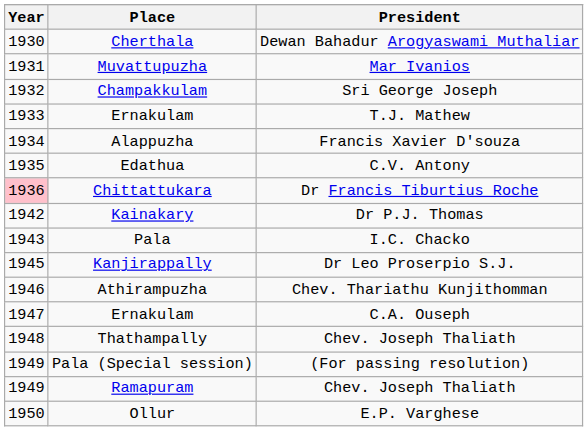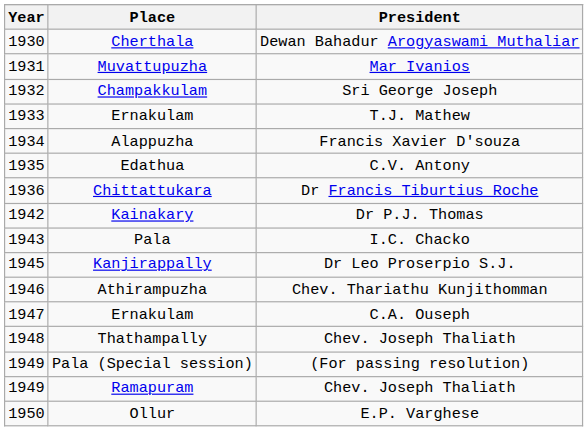 <table class="wikitable" style="text-align:center">
 <tr>
 </tr>
 <tr>
 <th scope=col>Year</th>
 <th scope=col>Place</th>
 <th scope=col>President</th>
 </tr>
 <tr>
 <td>1930</td>
 <td><a href='#'>Cherthala</a></td>
 <td>Dewan Bahadur <a href='#'>Arogyaswami Muthaliar</a></td>
 </tr>
 <tr>
 <td>1931</td>
 <td><a href='#'>Muvattupuzha</a></td>
 <td><a href='#'>Mar Ivanios</a></td>
 </tr>
 <tr>
 <td>1932</td>
 <td><a href='#'>Champakkulam</a></td>
 <td>Sri George Joseph</td>
 </tr>
 <tr>
 <td>1933</td>
 <td>Ernakulam</td>
 <td>T.J. Mathew</td>
 </tr>
 <tr>
 <td>1934</td>
 <td>Alappuzha</td>
 <td>Francis Xavier D'souza</td>
 </tr>
 <tr>
 <td>1935</td>
 <td>Edathua</td>
 <td>C.V. Antony</td>
 </tr>
 <tr>
-<td style="background: pink;">1936</td>
+<td>1936</td>
 <td><a href='#'>Chittattukara</a></td>
 <td>Dr <a href='#'>Francis Tiburtius Roche</a></td>
 </tr>
 <tr>
 <td>1942</td>
 <td><a href='#'>Kainakary</a></td>
 <td>Dr P.J. Thomas</td>
 </tr>
 <tr>
 <td>1943</td>
 <td>Pala</td>
 <td>I.C. Chacko</td>
 </tr>
 <tr>
 <td>1945</td>
 <td><a href='#'>Kanjirappally</a></td>
 <td>Dr Leo Proserpio S.J.</td>
 </tr>
 <tr>
 <td>1946</td>
 <td>Athirampuzha</td>
 <td>Chev. Thariathu Kunjithomman</td>
 </tr>
 <tr>
 <td>1947</td>
 <td>Ernakulam</td>
 <td>C.A. Ouseph</td>
 </tr>
 <tr>
 <td>1948</td>
 <td>Thathampally</td>
 <td>Chev. Joseph Thaliath</td>
 </tr>
 <tr>
 <td>1949</td>
 <td>Pala (Special session)</td>
 <td>(For passing resolution)</td>
 </tr>
 <tr>
 <td>1949</td>
 <td><a href='#'>Ramapuram</a></td>
 <td>Chev. Joseph Thaliath</td>
 </tr>
 <tr>
 <td>1950</td>
 <td>Ollur</td>
 <td>E.P. Varghese</td>
 </tr>
 </table>
